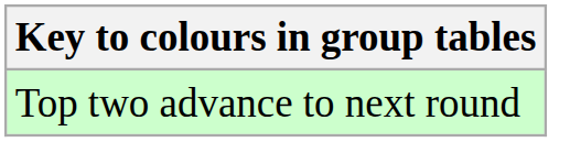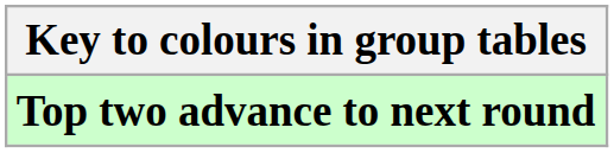 <table class="wikitable" border="1">
 <tr>
 <th>Key to colours in group tables</th>
 </tr>
 <tr style="background:#cfc;">
-<td>Top two advance to next round</td>
+<td><strong>Top two advance to next round</strong></td>
 </tr>
 </table>
